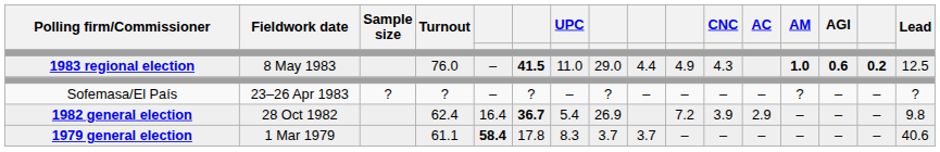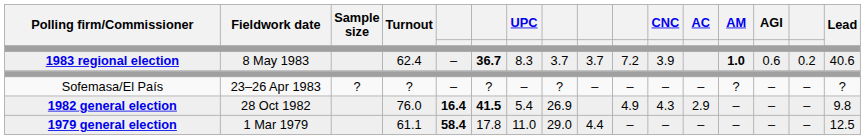 <table class="wikitable collapsible collapsed" style="text-align:center; font-size:95%; line-height:16px;">
 <tr style="height:42px;">
 <th style="width:250px;" rowspan="2">Polling firm/Commissioner</th>
 <th style="width:125px;" rowspan="2">Fieldwork date</th>
 <th style="width:50px;" rowspan="2">Sample size</th>
 <th style="width:45px;" rowspan="2">Turnout</th>
 <th style="width:35px;"></th>
 <th style="width:35px;"></th>
 <th style="width:35px;"><a href='#'>UPC</a></th>
 <th style="width:35px;"></th>
 <th style="width:35px;"></th>
 <th style="width:35px;"></th>
 <th style="width:35px;"><a href='#'>CNC</a></th>
 <th style="width:35px;"><a href='#'>AC</a></th>
 <th style="width:35px;"><a href='#'>AM</a></th>
 <th style="width:35px;">AGI</th>
 <th style="width:35px;"></th>
 <th style="width:30px;" rowspan="2">Lead</th>
 </tr>
 <tr>
 <th style="color:inherit;background:"></th>
 <th style="color:inherit;background:"></th>
 <th style="color:inherit;background:"></th>
 <th style="color:inherit;background:"></th>
 <th style="color:inherit;background:"></th>
 <th style="color:inherit;background:"></th>
 <th style="color:inherit;background:"></th>
 <th style="color:inherit;background:"></th>
 <th style="color:inherit;background:"></th>
 <th style="color:inherit;background:"></th>
 <th style="color:inherit;background:"></th>
 </tr>
 <tr>
 <td colspan="18" style="background:#A0A0A0"></td>
 </tr>
 <tr style="background:#EFEFEF;">
 <td><strong><a href='#'>1983 regional election</a></strong></td>
 <td>8 May 1983</td>
 <td></td>
-<td>76.0</td>
+<td>62.4</td>
 <td>–</td>
-<td><strong>41.5</strong><br></td>
-<td>11.0<br></td>
-<td>29.0<br></td>
-<td>4.4<br></td>
-<td>4.9<br></td>
-<td>4.3<br></td>
+<td><strong>36.7</strong><br></td>
+<td>8.3<br></td>
+<td>3.7<br></td>
+<td>3.7<br></td>
+<td>7.2<br></td>
+<td>3.9<br></td>
 <td></td>
 <td><strong>1.0<br></strong></td>
-<td><strong>0.6<br></strong></td>
-<td><strong>0.2<br></strong></td>
-<td style="background:">12.5</td>
+<td>0.6<br></td>
+<td>0.2<br></td>
+<td style="background:">40.6</td>
 </tr>
 <tr>
 <td colspan="18" style="background:#A0A0A0"></td>
 </tr>
 <tr>
 <td>Sofemasa/El País</td>
 <td>23–26 Apr 1983</td>
 <td>?</td>
 <td>?</td>
 <td>–</td>
 <td>?<br></td>
 <td>–</td>
 <td>?<br></td>
 <td>–</td>
 <td>–</td>
 <td>–</td>
 <td>–</td>
 <td>?<br></td>
 <td>–</td>
 <td>–</td>
 <td style="background:">?</td>
 </tr>
 <tr style="background:#EFEFEF;">
 <td><strong><a href='#'>1982 general election</a></strong></td>
 <td>28 Oct 1982</td>
 <td></td>
-<td>62.4</td>
-<td>16.4<br></td>
-<td><strong>36.7</strong><br></td>
+<td>76.0</td>
+<td><strong>16.4<br></strong></td>
+<td><strong>41.5</strong><br></td>
 <td>5.4<br></td>
 <td>26.9<br></td>
 <td></td>
-<td>7.2<br></td>
-<td>3.9<br></td>
+<td>4.9<br></td>
+<td>4.3<br></td>
 <td>2.9<br></td>
 <td>–</td>
 <td>–</td>
 <td>–</td>
 <td style="background:">9.8</td>
 </tr>
 <tr style="background:#EFEFEF;">
 <td><strong><a href='#'>1979 general election</a></strong></td>
 <td>1 Mar 1979</td>
 <td></td>
 <td>61.1</td>
 <td><strong>58.4</strong><br></td>
 <td>17.8<br></td>
-<td>8.3<br></td>
-<td>3.7<br></td>
-<td>3.7<br></td>
+<td>11.0<br></td>
+<td>29.0<br></td>
+<td>4.4<br></td>
 <td>–</td>
 <td>–</td>
 <td>–</td>
 <td>–</td>
 <td>–</td>
 <td>–</td>
-<td style="background:">40.6</td>
+<td style="background:">12.5</td>
 </tr>
 </table>
